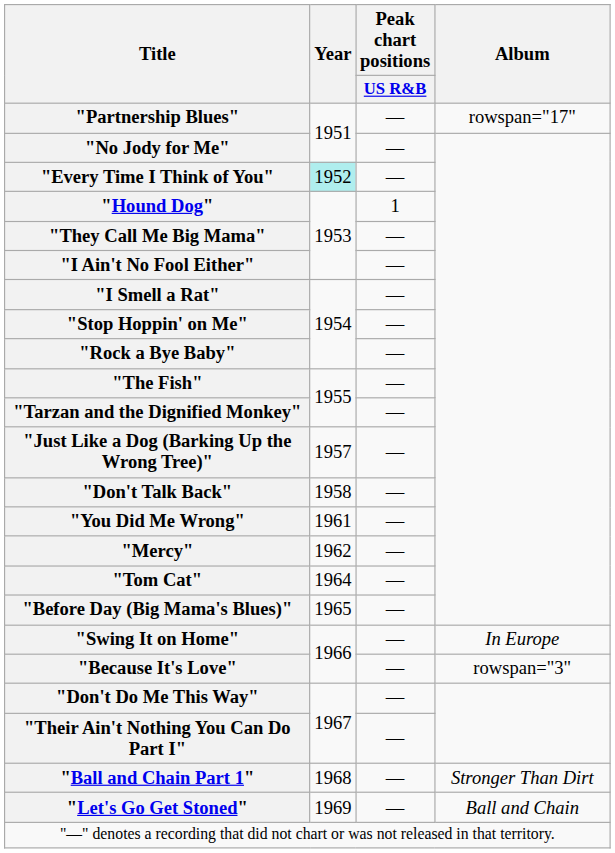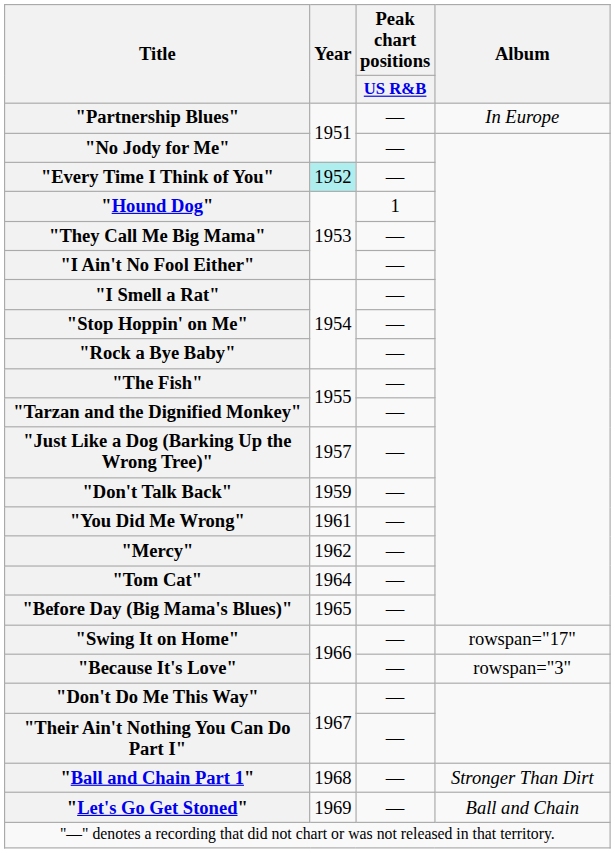 <table class="wikitable plainrowheaders" style="text-align:center;">
 <tr>
 <th scope="col" rowspan="2" style="width:16em;">Title</th>
 <th scope="col" rowspan="2" style="width:1em;">Year</th>
 <th scope="col" colspan="1">Peak chart positions</th>
 <th scope="col" rowspan="2" style="width:9em;">Album</th>
 </tr>
 <tr>
 <th scope="col" style="width:2.5em; font-size:90%;"><a href='#'>US R&B</a><br></th>
 </tr>
 <tr>
 <th scope="row">"Partnership Blues"</th>
 <td rowspan="2">1951</td>
 <td>—</td>
-<td>rowspan="17" </td>
+<td><em>In Europe</em></td>
 </tr>
 <tr>
 <th scope="row">"No Jody for Me"</th>
 <td>—</td>
 </tr>
 <tr>
 <th scope="row">"Every Time I Think of You"</th>
 <td style="background: paleturquoise;">1952</td>
 <td>—</td>
 </tr>
 <tr>
 <th scope="row">"<a href='#'>Hound Dog</a>"</th>
 <td rowspan="3">1953</td>
 <td>1</td>
 </tr>
 <tr>
 <th scope="row">"They Call Me Big Mama"</th>
 <td>—</td>
 </tr>
 <tr>
 <th scope="row">"I Ain't No Fool Either"</th>
 <td>—</td>
 </tr>
 <tr>
 <th scope="row">"I Smell a Rat"</th>
 <td rowspan="3">1954</td>
 <td>—</td>
 </tr>
 <tr>
 <th scope="row">"Stop Hoppin' on Me"</th>
 <td>—</td>
 </tr>
 <tr>
 <th scope="row">"Rock a Bye Baby"</th>
 <td>—</td>
 </tr>
 <tr>
 <th scope="row">"The Fish"</th>
 <td rowspan="2">1955</td>
 <td>—</td>
 </tr>
 <tr>
 <th scope="row">"Tarzan and the Dignified Monkey"<br></th>
 <td>—</td>
 </tr>
 <tr>
 <th scope="row">"Just Like a Dog (Barking Up the Wrong Tree)"</th>
 <td>1957</td>
 <td>—</td>
 </tr>
 <tr>
 <th scope="row">"Don't Talk Back"</th>
-<td>1958</td>
+<td>1959</td>
 <td>—</td>
 </tr>
 <tr>
 <th scope="row">"You Did Me Wrong"</th>
 <td>1961</td>
 <td>—</td>
 </tr>
 <tr>
 <th scope="row">"Mercy"</th>
 <td>1962</td>
 <td>—</td>
 </tr>
 <tr>
 <th scope="row">"Tom Cat"</th>
 <td>1964</td>
 <td>—</td>
 </tr>
 <tr>
 <th scope="row">"Before Day (Big Mama's Blues)"</th>
 <td>1965</td>
 <td>—</td>
 </tr>
 <tr>
 <th scope="row">"Swing It on Home"</th>
 <td rowspan="2">1966</td>
 <td>—</td>
-<td><em>In Europe</em></td>
+<td>rowspan="17" </td>
 </tr>
 <tr>
 <th scope="row">"Because It's Love"</th>
 <td>—</td>
 <td>rowspan="3" </td>
 </tr>
 <tr>
 <th scope="row">"Don't Do Me This Way"</th>
 <td rowspan="2">1967</td>
 <td>—</td>
 </tr>
 <tr>
 <th scope="row">"Their Ain't Nothing You Can Do Part I"</th>
 <td>—</td>
 </tr>
 <tr>
 <th scope="row">"<a href='#'>Ball and Chain Part 1</a>"</th>
 <td>1968</td>
 <td>—</td>
 <td><em>Stronger Than Dirt</em></td>
 </tr>
 <tr>
 <th scope="row">"<a href='#'>Let's Go Get Stoned</a>"</th>
 <td>1969</td>
 <td>—</td>
 <td><em>Ball and Chain</em></td>
 </tr>
 <tr>
 <td colspan="14" style="font-size:85%">"—" denotes a recording that did not chart or was not released in that territory.</td>
 </tr>
 </table>
